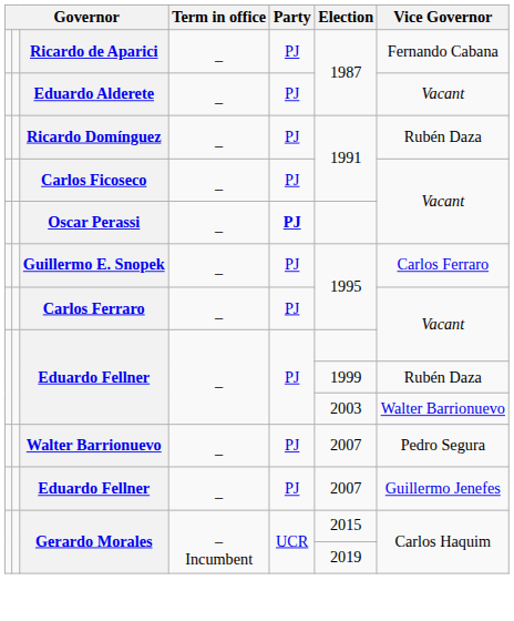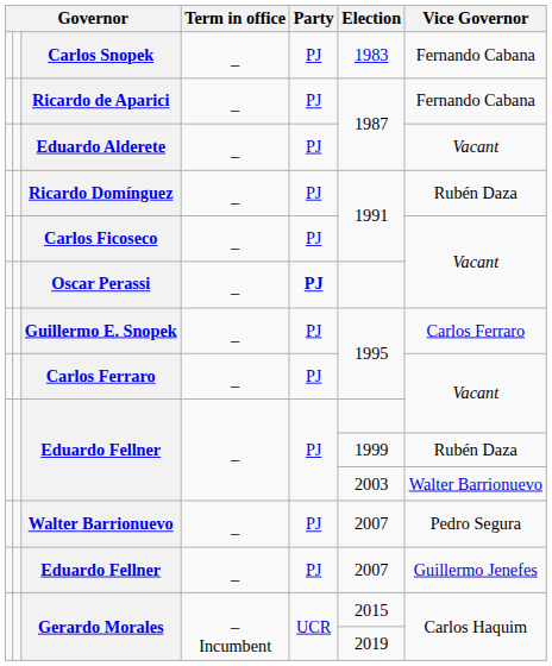 <table class="wikitable sortable" style="text-align: center;">
 <tr>
 <th scope="col" colspan="3">Governor</th>
 <th scope="col">Term in office</th>
 <th scope="col">Party</th>
 <th scope="col">Election</th>
 <th scope="col">Vice Governor</th>
+</tr>
+<tr style="height:2em;">
+<td data-sort-value="Snopek, Carlos"></td>
+<td style="background:"></td>
+<th scope="row"><a href='#'>Carlos Snopek</a></th>
+<td><br>–<br></td>
+<td><a href='#'>PJ</a></td>
+<td><a href='#'>1983</a></td>
+<td data-sort-value="Cabana, Fernando Venancio">Fernando Cabana</td>
 </tr>
 <tr style="height:2em;">
 <td data-sort-value="De Aparici, Ricardo"></td>
 <td style="background:"></td>
 <th scope="row"><a href='#'>Ricardo de Aparici</a></th>
 <td><br>–<br></td>
 <td><a href='#'>PJ</a></td>
 <td rowspan="2">1987</td>
 <td data-sort-value="Cabana, Fernando Venancio">Fernando Cabana</td>
 </tr>
 <tr style="height:2em;">
 <td data-sort-value="Alderete, Eduardo"></td>
 <td style="background:"></td>
 <th scope="row"><a href='#'>Eduardo Alderete</a></th>
 <td><br>–<br></td>
 <td><a href='#'>PJ</a></td>
 <td><em>Vacant</em></td>
 </tr>
 <tr style="height:2em;">
 <td data-sort-value="Domínguez, Ricardo"></td>
 <td style="background:"></td>
 <th scope="row"><a href='#'>Ricardo Domínguez</a></th>
 <td><br>–<br></td>
 <td><a href='#'>PJ</a></td>
 <td rowspan="2">1991</td>
 <td data-sort-value="Daza, Rubén">Rubén Daza</td>
 </tr>
 <tr style="height:2em;">
 <td data-sort-value="Ficoseco, Carlos"></td>
 <td style="background:"></td>
 <th scope="row"><a href='#'>Carlos Ficoseco</a></th>
 <td><br>–<br></td>
 <td><a href='#'>PJ</a></td>
 <td rowspan="2"><em>Vacant</em></td>
 </tr>
 <tr style="height:2em;">
 <td data-sort-value="Perassi, Oscar"></td>
 <td style="background:"></td>
 <th scope="row"><a href='#'>Oscar Perassi</a></th>
 <td><br>–<br></td>
 <td><strong><a href='#'>PJ</a></strong></td>
 <td></td>
 </tr>
 <tr style="height:2em;">
 <td data-sort-value="Snopek, Guillermo E."></td>
 <td style="background:"></td>
 <th scope="row"><a href='#'>Guillermo E. Snopek</a></th>
 <td><br>–<br></td>
 <td><a href='#'>PJ</a></td>
 <td rowspan="2">1995</td>
 <td data-sort-value="Ferraro, Carlos"><a href='#'>Carlos Ferraro</a></td>
 </tr>
 <tr style="height:2em;">
 <td data-sort-value="Ferraro, Carlos"></td>
 <td style="background:"></td>
 <th scope="row"><a href='#'>Carlos Ferraro</a></th>
 <td><br>–<br></td>
 <td><a href='#'>PJ</a></td>
 <td rowspan="2"><em>Vacant</em></td>
 </tr>
 <tr style="height:2em;">
 <td rowspan="3" data-sort-value="Fellner, Eduardo"></td>
 <td rowspan="3" style="background:"></td>
 <th rowspan="3" scope="row"><a href='#'>Eduardo Fellner</a></th>
 <td rowspan="3"><br>–<br></td>
 <td rowspan="3"><a href='#'>PJ</a></td>
 <td></td>
 </tr>
 <tr style="height:2em;">
 <td>1999</td>
 <td data-sort-value="Daza, Rubén">Rubén Daza</td>
 </tr>
 <tr style="height:2em;">
 <td>2003</td>
 <td data-sort-value="Barrionuevo, Walter"><a href='#'>Walter Barrionuevo</a></td>
 </tr>
 <tr style="height:2em;">
 <td data-sort-value="Barrionuevo, Walter"></td>
 <td style="background:"></td>
 <th scope="row"><a href='#'>Walter Barrionuevo</a></th>
 <td><br>–<br></td>
 <td><a href='#'>PJ</a></td>
 <td>2007</td>
 <td data-sort-value="Segura, Pedro">Pedro Segura</td>
 </tr>
 <tr style="height:2em;">
 <td data-sort-value="Fellner, Eduardo"></td>
 <td style="background:"></td>
 <th scope="row"><a href='#'>Eduardo Fellner</a></th>
 <td><br>–<br></td>
 <td><a href='#'>PJ</a></td>
 <td>2007</td>
 <td data-sort-value="Jenefes, Guillermo"><a href='#'>Guillermo Jenefes</a></td>
 </tr>
 <tr style="height:2em;">
 <td rowspan="2" data-sort-value="Morales, Gerardo"></td>
 <td rowspan="2" style="background:"></td>
 <th rowspan="2" scope="row"><a href='#'>Gerardo Morales</a></th>
 <td rowspan="2"><br>–<br>Incumbent</td>
 <td rowspan="2"><a href='#'>UCR</a></td>
 <td>2015</td>
 <td rowspan="2" data-sort-value="Haquim, Carlos">Carlos Haquim</td>
 </tr>
 <tr style="height:2em;">
 <td>2019</td>
 </tr>
 </table>
